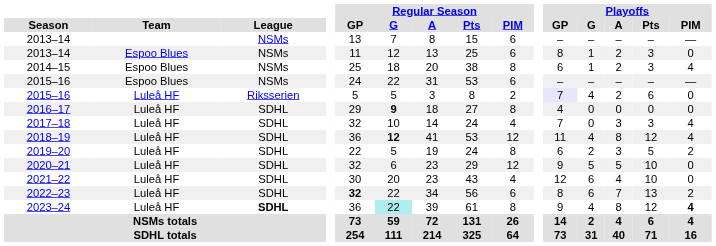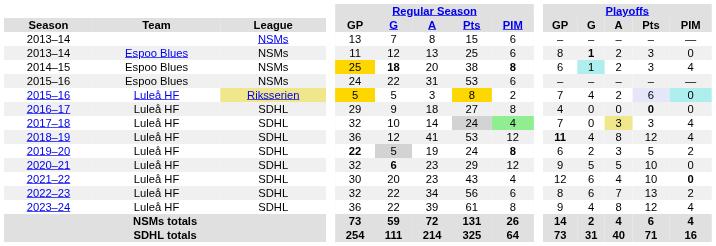 <table border="0" cellpadding="1" cellspacing="0" style="text-align:center; width:80%">
 <tr style="background-color: #e0e0e0;">
 <th colspan="3"  bgcolor="#ffffff"> </th>
 <th rowspan="99" bgcolor="#ffffff"> </th>
 <th colspan="5"><a href='#'>Regular Season</a></th>
 <th rowspan="99" bgcolor="#ffffff"> </th>
 <th colspan="5"><a href='#'>Playoffs</a></th>
 </tr>
 <tr style="background-color: #e0e0e0;">
 <th>Season</th>
 <th>Team</th>
 <th>League</th>
 <th>GP</th>
 <th><a href='#'>G</a></th>
 <th><a href='#'>A</a></th>
 <th><a href='#'>Pts</a></th>
 <th><a href='#'>PIM</a></th>
 <th>GP</th>
 <th>G</th>
 <th>A</th>
 <th>Pts</th>
 <th>PIM</th>
 </tr>
 <tr>
 <td>2013–14</td>
 <td></td>
 <td><a href='#'>NSMs</a></td>
 <td>13</td>
 <td>7</td>
 <td>8</td>
 <td>15</td>
 <td>6</td>
 <td>–</td>
 <td>–</td>
 <td>–</td>
 <td>–</td>
 <td>—</td>
 </tr>
 <tr bgcolor="#f0f0f0">
 <td>2013–14</td>
 <td><a href='#'>Espoo Blues</a></td>
 <td>NSMs</td>
 <td>11</td>
 <td>12</td>
 <td>13</td>
 <td>25</td>
 <td>6</td>
 <td>8</td>
-<td>1</td>
+<td><strong>1</strong></td>
 <td>2</td>
 <td>3</td>
 <td>0</td>
 </tr>
 <tr>
 <td>2014–15</td>
 <td>Espoo Blues</td>
 <td>NSMs</td>
-<td>25</td>
-<td>18</td>
+<td style="background: gold;">25</td>
+<td><strong>18</strong></td>
 <td>20</td>
 <td>38</td>
-<td>8</td>
+<td><strong>8</strong></td>
 <td>6</td>
-<td>1</td>
+<td style="background: paleturquoise;">1</td>
 <td>2</td>
 <td>3</td>
 <td>4</td>
 </tr>
 <tr bgcolor="#f0f0f0">
 <td>2015–16</td>
 <td>Espoo Blues</td>
 <td>NSMs</td>
 <td>24</td>
 <td>22</td>
 <td>31</td>
 <td>53</td>
 <td>6</td>
 <td>–</td>
 <td>–</td>
 <td>–</td>
 <td>–</td>
 <td>—</td>
 </tr>
 <tr>
 <td><a href='#'>2015–16</a></td>
 <td><a href='#'>Luleå HF</a></td>
-<td><a href='#'>Riksserien</a></td>
-<td>5</td>
+<td style="background: khaki;"><a href='#'>Riksserien</a></td>
+<td style="background: gold;">5</td>
 <td>5</td>
 <td>3</td>
-<td>8</td>
+<td style="background: gold;">8</td>
 <td>2</td>
-<td style="background: lavender;">7</td>
+<td>7</td>
 <td>4</td>
 <td>2</td>
-<td>6</td>
-<td>0</td>
+<td style="background: lavender;">6</td>
+<td style="background: paleturquoise;">0</td>
 </tr>
 <tr style="background-color: #f0f0f0;">
 <td><a href='#'>2016–17</a></td>
 <td>Luleå HF</td>
 <td>SDHL</td>
 <td>29</td>
-<td><strong>9</strong></td>
+<td>9</td>
 <td>18</td>
 <td>27</td>
 <td>8</td>
 <td>4</td>
 <td>0</td>
 <td>0</td>
-<td>0</td>
+<td><strong>0</strong></td>
 <td>0</td>
 </tr>
 <tr>
 <td><a href='#'>2017–18</a></td>
 <td>Luleå HF</td>
 <td>SDHL</td>
 <td>32</td>
 <td>10</td>
 <td>14</td>
-<td>24</td>
-<td>4</td>
+<td style="background: lightgrey;">24</td>
+<td style="background: lightgreen;">4</td>
 <td>7</td>
 <td>0</td>
-<td>3</td>
+<td style="background: khaki;">3</td>
 <td>3</td>
 <td>4</td>
 </tr>
 <tr style="background-color: #f0f0f0;">
 <td><a href='#'>2018–19</a></td>
 <td>Luleå HF</td>
 <td>SDHL</td>
 <td>36</td>
-<td><strong>12</strong></td>
+<td>12</td>
 <td>41</td>
 <td>53</td>
 <td>12</td>
-<td>11</td>
+<td><strong>11</strong></td>
 <td>4</td>
 <td>8</td>
 <td>12</td>
 <td>4</td>
 </tr>
 <tr>
 <td><a href='#'>2019–20</a></td>
 <td>Luleå HF</td>
 <td>SDHL</td>
-<td>22</td>
-<td>5</td>
+<td><strong>22</strong></td>
+<td style="background: lightgrey;">5</td>
 <td>19</td>
 <td>24</td>
-<td>8</td>
+<td><strong>8</strong></td>
 <td>6</td>
 <td>2</td>
 <td>3</td>
 <td>5</td>
 <td>2</td>
 </tr>
 <tr style="background-color: #f0f0f0;">
 <td><a href='#'>2020–21</a></td>
 <td>Luleå HF</td>
 <td>SDHL</td>
 <td>32</td>
-<td>6</td>
+<td><strong>6</strong></td>
 <td>23</td>
 <td>29</td>
 <td>12</td>
 <td>9</td>
 <td>5</td>
 <td>5</td>
 <td>10</td>
 <td>0</td>
 </tr>
 <tr>
 <td><a href='#'>2021–22</a></td>
 <td>Luleå HF</td>
 <td>SDHL</td>
 <td>30</td>
 <td>20</td>
 <td>23</td>
 <td>43</td>
 <td>4</td>
 <td>12</td>
 <td>6</td>
 <td>4</td>
 <td>10</td>
-<td>0</td>
+<td><strong>0</strong></td>
 </tr>
 <tr style="background-color: #f0f0f0;">
 <td><a href='#'>2022–23</a></td>
 <td>Luleå HF</td>
 <td>SDHL</td>
-<td><strong>32</strong></td>
+<td>32</td>
 <td>22</td>
 <td>34</td>
 <td>56</td>
 <td>6</td>
 <td>8</td>
 <td>6</td>
 <td>7</td>
 <td>13</td>
 <td>2</td>
 </tr>
 <tr>
 <td><a href='#'>2023–24</a></td>
 <td>Luleå HF</td>
-<td><strong>SDHL</strong></td>
+<td>SDHL</td>
 <td>36</td>
-<td style="background: paleturquoise;">22</td>
+<td>22</td>
 <td>39</td>
 <td>61</td>
 <td>8</td>
 <td>9</td>
 <td>4</td>
 <td>8</td>
 <td>12</td>
-<td><strong>4<br></strong></td>
+<td>4<br></td>
 </tr>
 <tr bgcolor="#e0e0e0">
 <th colspan="3">NSMs totals</th>
 <th>73</th>
 <th>59</th>
 <th>72</th>
 <th>131</th>
 <th>26</th>
 <th>14</th>
 <th>2</th>
 <th>4</th>
 <th>6</th>
 <th>4</th>
 </tr>
 <tr bgcolor="#e0e0e0">
 <th colspan="3">SDHL totals</th>
 <th>254</th>
 <th>111</th>
 <th>214</th>
 <th>325</th>
 <th>64</th>
 <th>73</th>
 <th>31</th>
 <th>40</th>
 <th>71</th>
 <th>16</th>
 </tr>
 </table>
